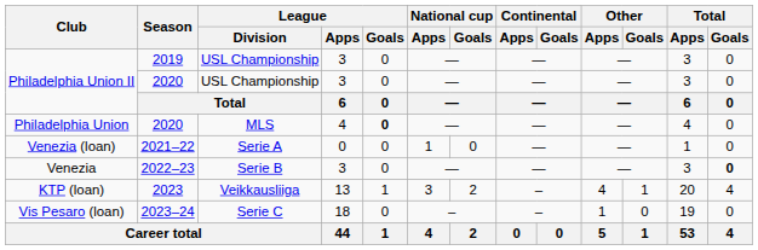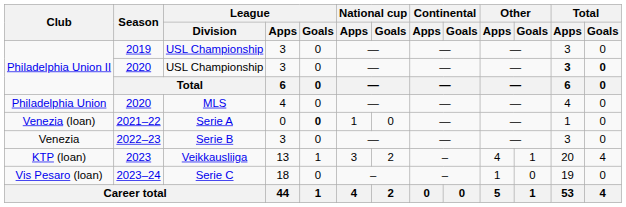 <table class=wikitable style=text-align:center>
 <tr>
 <th rowspan=2>Club</th>
 <th rowspan=2>Season</th>
 <th colspan=3>League</th>
 <th colspan=2>National cup</th>
 <th colspan=2>Continental</th>
 <th colspan=2>Other</th>
 <th colspan=2>Total</th>
 </tr>
 <tr>
 <th>Division</th>
 <th>Apps</th>
 <th>Goals</th>
 <th>Apps</th>
 <th>Goals</th>
 <th>Apps</th>
 <th>Goals</th>
 <th>Apps</th>
 <th>Goals</th>
 <th>Apps</th>
 <th>Goals</th>
 </tr>
 <tr>
 <td rowspan=3><a href='#'>Philadelphia Union II</a></td>
 <td><a href='#'>2019</a></td>
 <td><a href='#'>USL Championship</a></td>
 <td>3</td>
 <td>0</td>
 <td colspan=2>—</td>
 <td colspan=2>—</td>
 <td colspan=2>—</td>
 <td>3</td>
 <td>0</td>
 </tr>
 <tr>
 <td><a href='#'>2020</a></td>
 <td>USL Championship</td>
 <td>3</td>
 <td>0</td>
 <td colspan=2>—</td>
 <td colspan=2>—</td>
 <td colspan=2>—</td>
-<td>3</td>
-<td>0</td>
+<td><strong>3</strong></td>
+<td><strong>0</strong></td>
 </tr>
 <tr>
 <th colspan=2>Total</th>
 <th>6</th>
 <th>0</th>
 <th colspan=2>—</th>
 <th colspan=2>—</th>
 <th colspan=2>—</th>
 <th>6</th>
 <th>0</th>
 </tr>
 <tr>
 <td><a href='#'>Philadelphia Union</a></td>
 <td><a href='#'>2020</a></td>
 <td><a href='#'>MLS</a></td>
 <td>4</td>
-<td><strong>0</strong></td>
+<td>0</td>
 <td colspan=2>—</td>
 <td colspan=2>—</td>
 <td colspan=2>—</td>
 <td>4</td>
 <td>0</td>
 </tr>
 <tr>
 <td rowspan=1><a href='#'>Venezia</a> (loan)</td>
 <td><a href='#'>2021–22</a></td>
 <td><a href='#'>Serie A</a></td>
 <td>0</td>
-<td>0</td>
+<td><strong>0</strong></td>
 <td>1</td>
 <td>0</td>
 <td colspan=2>—</td>
 <td colspan=2>—</td>
 <td>1</td>
 <td>0</td>
 </tr>
 <tr>
 <td rowspan=1>Venezia</td>
 <td><a href='#'>2022–23</a></td>
 <td><a href='#'>Serie B</a></td>
 <td>3</td>
 <td>0</td>
 <td colspan=2>—</td>
 <td colspan=2>—</td>
 <td colspan=2>—</td>
 <td>3</td>
-<td><strong>0</strong></td>
+<td>0</td>
 </tr>
 <tr>
 <td><a href='#'>KTP</a> (loan)</td>
 <td><a href='#'>2023</a></td>
 <td><a href='#'>Veikkausliiga</a></td>
 <td>13</td>
 <td>1</td>
 <td>3</td>
 <td>2</td>
 <td colspan=2>–</td>
 <td>4</td>
 <td>1</td>
 <td>20</td>
 <td>4</td>
 </tr>
 <tr>
 <td><a href='#'>Vis Pesaro</a> (loan)</td>
 <td><a href='#'>2023–24</a></td>
 <td><a href='#'>Serie C</a></td>
 <td>18</td>
 <td>0</td>
 <td colspan=2>–</td>
 <td colspan=2>–</td>
 <td>1</td>
 <td>0</td>
 <td>19</td>
 <td>0</td>
 </tr>
 <tr>
 <th colspan=3>Career total</th>
 <th>44</th>
 <th>1</th>
 <th>4</th>
 <th>2</th>
 <th>0</th>
 <th>0</th>
 <th>5</th>
 <th>1</th>
 <th>53</th>
 <th>4</th>
 </tr>
 </table>
